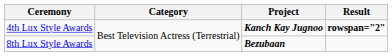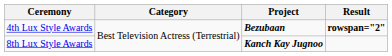 <table class="wikitable style">
 <tr>
 <th>Ceremony</th>
 <th>Category</th>
 <th>Project</th>
 <th>Result</th>
 </tr>
 <tr>
 <td><a href='#'>4th Lux Style Awards</a></td>
 <td rowspan="2">Best Television Actress (Terrestrial)</td>
-<td><strong><em>Kanch Kay Jugnoo</em></strong></td>
+<td><strong><em>Bezubaan</em></strong></td>
 <td><strong>rowspan="2" </strong></td>
 </tr>
 <tr>
 <td><a href='#'>8th Lux Style Awards</a></td>
-<td><strong><em>Bezubaan</em></strong></td>
+<td><strong><em>Kanch Kay Jugnoo</em></strong></td>
 </tr>
 </table>
